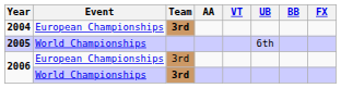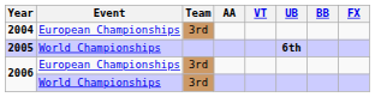 <table class="wikitable" style="text-align:center; font-size: 95%;">
 <tr>
 <th>Year</th>
 <th>Event</th>
 <th style="width:30px;">Team</th>
 <th style="width:30px;">AA</th>
 <th style="width:30px;"><a href='#'>VT</a></th>
 <th style="width:30px;"><a href='#'>UB</a></th>
 <th style="width:30px;"><a href='#'>BB</a></th>
 <th style="width:30px;"><a href='#'>FX</a></th>
 </tr>
 <tr>
 <td rowspan="1"><strong>2004</strong></td>
 <td align=left><a href='#'>European Championships</a></td>
-<td style="background:#c96;"><strong>3rd</strong></td>
+<td style="background:#c96;">3rd</td>
 <td></td>
 <td></td>
 <td></td>
 <td></td>
 <td></td>
 </tr>
 <tr bgcolor=#CCCCFF>
 <td rowspan="1"><strong>2005</strong></td>
 <td align=left><a href='#'>World Championships</a></td>
 <td></td>
 <td></td>
 <td></td>
-<td>6th</td>
+<td><strong>6th</strong></td>
 <td></td>
 <td></td>
 </tr>
 <tr>
 <td rowspan="2"><strong>2006</strong></td>
 <td align=left><a href='#'>European Championships</a></td>
 <td style="background:#c96;">3rd</td>
 <td></td>
 <td></td>
 <td></td>
 <td></td>
 <td></td>
 </tr>
 <tr bgcolor=#CCCCFF>
 <td align=left><a href='#'>World Championships</a></td>
-<td style="background:#c96;"><strong>3rd</strong></td>
+<td style="background:#c96;">3rd</td>
 <td></td>
 <td></td>
 <td></td>
 <td></td>
 <td></td>
 </tr>
 </table>
